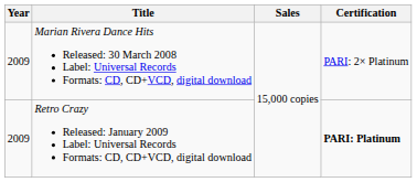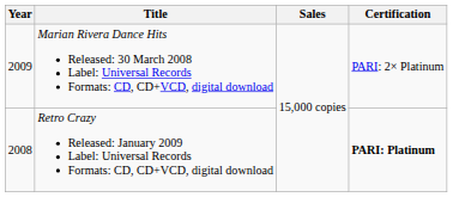 <table class="wikitable">
 <tr>
 <th>Year</th>
 <th>Title</th>
 <th>Sales</th>
 <th>Certification</th>
 </tr>
 <tr>
 <td>2009</td>
 <td><em>Marian Rivera Dance Hits</em><br><ul><li>Released: 30 March 2008</li><li>Label: <a href='#'>Universal Records</a></li><li>Formats: <a href='#'>CD</a>, CD+<a href='#'>VCD</a>, <a href='#'>digital download</a></li></ul></td>
 <td rowspan=2 style="text-align:center;">15,000 copies</td>
 <td><a href='#'>PARI</a>: 2× Platinum</td>
 </tr>
 <tr>
-<td>2009</td>
+<td>2008</td>
 <td><em>Retro Crazy</em><br><ul><li>Released: January 2009</li><li>Label: Universal Records</li><li>Formats: CD, CD+VCD, digital download</li></ul></td>
 <td><strong>PARI: Platinum</strong></td>
 </tr>
 </table>
